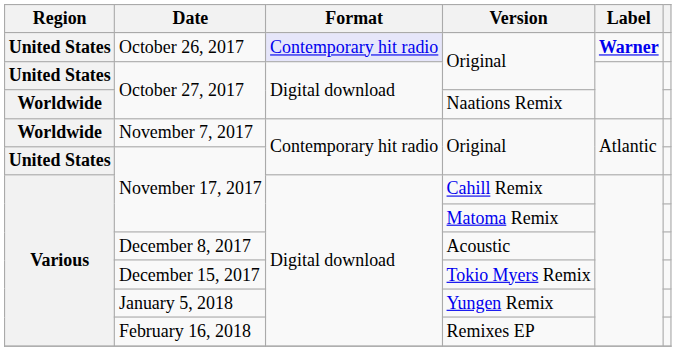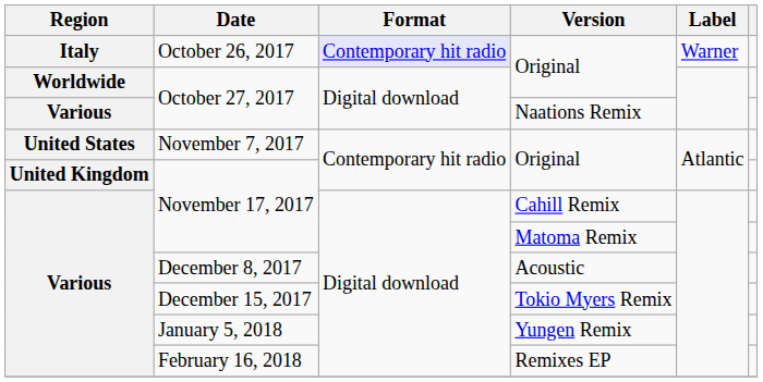 <table class="wikitable plainrowheaders">
 <tr>
 <th>Region</th>
 <th>Date</th>
 <th>Format</th>
 <th>Version</th>
 <th>Label</th>
 <th></th>
 </tr>
 <tr>
-<th scope="row">United States</th>
+<th scope="row">Italy</th>
 <td>October 26, 2017</td>
 <td style="background: lavender;"><a href='#'>Contemporary hit radio</a></td>
 <td rowspan="2">Original</td>
-<td><strong><a href='#'>Warner</a></strong></td>
+<td><a href='#'>Warner</a></td>
 <td></td>
 </tr>
 <tr>
-<th scope="row">United States</th>
+<th scope="row">Worldwide</th>
 <td rowspan="2">October 27, 2017</td>
 <td rowspan="2">Digital download</td>
 <td rowspan="2"></td>
 <td></td>
 </tr>
 <tr>
-<th scope="row">Worldwide</th>
+<th scope="row">Various</th>
 <td>Naations Remix</td>
 <td></td>
 </tr>
 <tr>
-<th scope="row">Worldwide</th>
+<th scope="row">United States</th>
 <td>November 7, 2017</td>
 <td rowspan="2">Contemporary hit radio</td>
 <td rowspan="2">Original</td>
 <td rowspan="2">Atlantic</td>
 <td></td>
 </tr>
 <tr>
-<th scope="row">United States</th>
+<th scope="row">United Kingdom</th>
 <td rowspan="3">November 17, 2017</td>
 <td></td>
 </tr>
 <tr>
 <th scope="row" rowspan="6">Various</th>
 <td rowspan="6">Digital download</td>
 <td><a href='#'>Cahill</a> Remix</td>
 <td rowspan="6"></td>
 <td></td>
 </tr>
 <tr>
 <td><a href='#'>Matoma</a> Remix</td>
 <td></td>
 </tr>
 <tr>
 <td>December 8, 2017</td>
 <td>Acoustic</td>
 <td></td>
 </tr>
 <tr>
 <td>December 15, 2017</td>
 <td><a href='#'>Tokio Myers</a> Remix</td>
 <td></td>
 </tr>
 <tr>
 <td>January 5, 2018</td>
 <td><a href='#'>Yungen</a> Remix</td>
 <td></td>
 </tr>
 <tr>
 <td>February 16, 2018</td>
 <td>Remixes EP</td>
 <td></td>
 </tr>
 <tr>
 </tr>
 </table>
